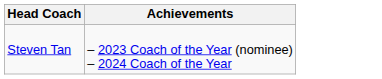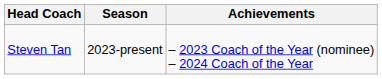 <table class="wikitable" style="font-size:100%">
 <tr>
 <th>Head Coach</th>
+<th>Season</th>
 <th>Achievements</th>
 </tr>
 <tr>
 <td><a href='#'>Steven Tan</a></td>
+<td>2023-present</td>
 <td><br>– <a href='#'> 2023 Coach of the Year</a> (nominee)<br> – <a href='#'> 2024 Coach of the Year</a></td>
 </tr>
 </table>
